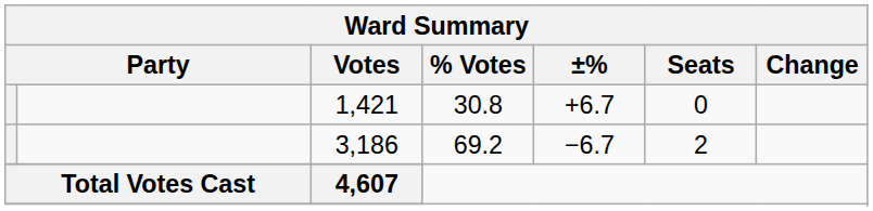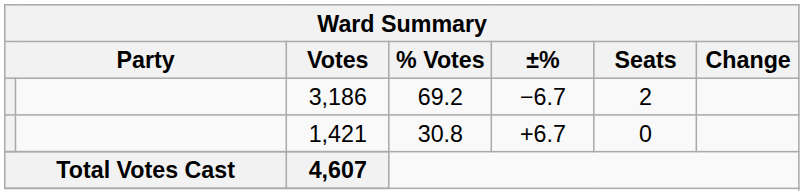 <table class="wikitable" style="font-size: 95%;">
 <tr style="background-color:#E9E9E9">
 <th colspan="7">Ward Summary</th>
 </tr>
 <tr style="background-color:#E9E9E9">
 <th colspan="2">Party</th>
 <th style="width: 60px">Votes</th>
 <th style="width: 60px">% Votes</th>
 <th style="width: 60px">±%</th>
 <th style="width: 60px">Seats</th>
 <th style="width: 60px">Change</th>
 </tr>
 <tr>
 <th style="background-color: "></th>
 <td style="width: 170px"><a href='#'></a></td>
-<td align="center">1,421</td>
-<td align="center">30.8</td>
-<td align="center">+6.7</td>
-<td align="center">0</td>
+<td align="center">3,186</td>
+<td align="center">69.2</td>
+<td align="center">−6.7</td>
+<td align="center">2</td>
 <td align="center"></td>
 </tr>
 <tr>
 <th style="background-color: "></th>
 <td style="width: 170px"><a href='#'></a></td>
-<td align="center">3,186</td>
-<td align="center">69.2</td>
-<td align="center">−6.7</td>
-<td align="center">2</td>
+<td align="center">1,421</td>
+<td align="center">30.8</td>
+<td align="center">+6.7</td>
+<td align="center">0</td>
 <td align="center"></td>
 </tr>
 <tr>
 </tr>
 <tr style="background-color:#E9E9E9">
 <th colspan="2">Total Votes Cast</th>
 <th style="width: 60px">4,607</th>
 </tr>
 <tr style="background-color:#E9E9E9">
 </tr>
 </table>
